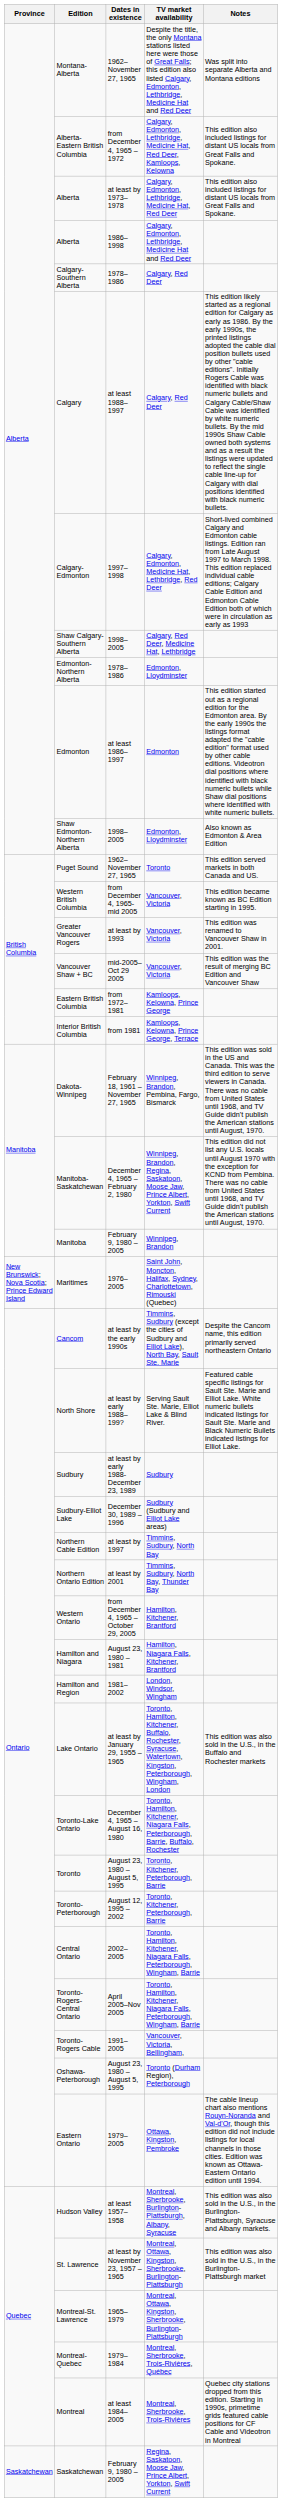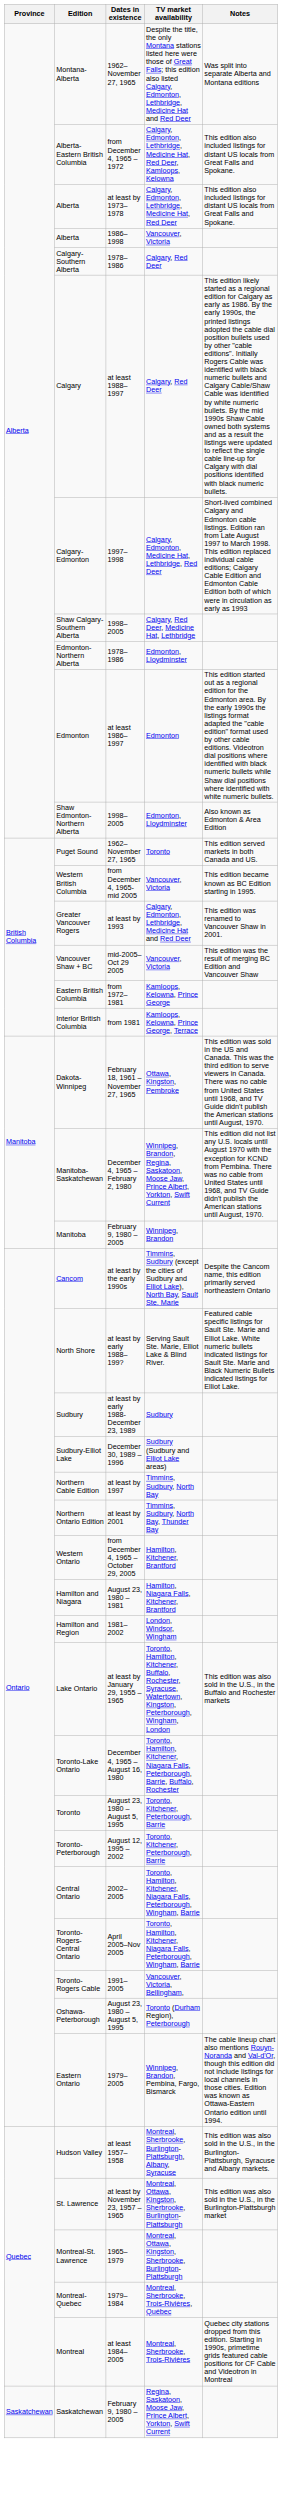 <table class="wikitable sortable">
 <tr>
 <th>Province</th>
 <th>Edition</th>
 <th>Dates in existence</th>
 <th>TV market availability</th>
 <th>Notes</th>
 </tr>
 <tr>
 <td rowspan=11><a href='#'>Alberta</a></td>
 <td>Montana-Alberta</td>
 <td>1962–November 27, 1965</td>
 <td>Despite the title, the only <a href='#'>Montana</a> stations listed here were those of <a href='#'>Great Falls</a>; this edition also listed <a href='#'>Calgary</a>, <a href='#'>Edmonton</a>, <a href='#'>Lethbridge</a>, <a href='#'>Medicine Hat</a> and <a href='#'>Red Deer</a></td>
 <td>Was split into separate Alberta and Montana editions</td>
 </tr>
 <tr>
 <td>Alberta-Eastern British Columbia</td>
 <td data-sort-value="1965">from December 4, 1965 – 1972</td>
 <td><a href='#'>Calgary</a>, <a href='#'>Edmonton</a>, <a href='#'>Lethbridge</a>, <a href='#'>Medicine Hat</a>, <a href='#'>Red Deer</a>, <a href='#'>Kamloops</a>, <a href='#'>Kelowna</a></td>
 <td>This edition also included listings for distant US locals from Great Falls and Spokane.</td>
 </tr>
 <tr>
 <td>Alberta</td>
 <td data-sort-value="1973">at least by 1973–1978</td>
 <td><a href='#'>Calgary</a>, <a href='#'>Edmonton</a>, <a href='#'>Lethbridge</a>, <a href='#'>Medicine Hat</a>, <a href='#'>Red Deer</a></td>
 <td>This edition also included listings for distant US locals from Great Falls and Spokane.</td>
 </tr>
 <tr>
 <td>Alberta</td>
 <td>1986–1998</td>
-<td><a href='#'>Calgary</a>, <a href='#'>Edmonton</a>, <a href='#'>Lethbridge</a>, <a href='#'>Medicine Hat</a> and <a href='#'>Red Deer</a></td>
+<td><a href='#'>Vancouver</a>, <a href='#'>Victoria</a></td>
 <td></td>
 </tr>
 <tr>
 <td>Calgary-Southern Alberta</td>
 <td>1978–1986</td>
 <td><a href='#'>Calgary</a>, <a href='#'>Red Deer</a></td>
 <td></td>
 </tr>
 <tr>
 <td>Calgary</td>
 <td data-sort-value="1988">at least 1988–1997</td>
 <td><a href='#'>Calgary</a>, <a href='#'>Red Deer</a></td>
 <td>This edition likely started as a regional edition for Calgary as early as 1986.  By the early 1990s, the printed listings adopted the cable dial position bullets used by other "cable editions".  Initially Rogers Cable was identified with black numeric bullets and Calgary Cable/Shaw Cable was identified by white numeric bullets.  By the mid 1990s Shaw Cable owned both systems and as a result the listings were updated to reflect the single cable line-up for Calgary with dial positions identified with black numeric bullets.</td>
 </tr>
 <tr>
 <td>Calgary-Edmonton</td>
 <td>1997–1998</td>
 <td><a href='#'>Calgary</a>, <a href='#'>Edmonton</a>, <a href='#'>Medicine Hat</a>, <a href='#'>Lethbridge</a>, <a href='#'>Red Deer</a></td>
 <td>Short-lived combined Calgary and Edmonton cable listings.  Edition ran from Late August 1997 to March 1998.  This edition replaced individual cable editions; Calgary Cable Edition and Edmonton Cable Edition both of which were in circulation as early as 1993</td>
 </tr>
 <tr>
 <td>Shaw Calgary-Southern Alberta</td>
 <td>1998–2005</td>
 <td><a href='#'>Calgary</a>, <a href='#'>Red Deer</a>, <a href='#'>Medicine Hat</a>, <a href='#'>Lethbridge</a></td>
 <td></td>
 </tr>
 <tr>
 <td>Edmonton-Northern Alberta</td>
 <td>1978–1986</td>
 <td><a href='#'>Edmonton</a>, <a href='#'>Lloydminster</a></td>
 <td></td>
 </tr>
 <tr>
 <td>Edmonton</td>
 <td data-sort-value="1986">at least 1986–1997</td>
 <td><a href='#'>Edmonton</a></td>
 <td>This edition started out as a regional edition for the Edmonton area.  By the early 1990s the listings format adapted the "cable edition" format used by other cable editions.  Videotron dial positions where identified with black numeric bullets while Shaw dial positions where identified with white numeric bullets.</td>
 </tr>
 <tr>
 <td>Shaw Edmonton-Northern Alberta</td>
 <td>1998–2005</td>
 <td><a href='#'>Edmonton</a>, <a href='#'>Lloydminster</a></td>
 <td>Also known as Edmonton & Area Edition</td>
 </tr>
 <tr>
 <td rowspan=6><a href='#'>British Columbia</a></td>
 <td>Puget Sound</td>
 <td>1962–November 27, 1965</td>
 <td><a href='#'>Toronto</a></td>
 <td>This edition served markets in both Canada and US.</td>
 </tr>
 <tr>
 <td>Western British Columbia</td>
 <td data-sort-value="1965">from December 4, 1965-mid 2005</td>
 <td><a href='#'>Vancouver</a>, <a href='#'>Victoria</a></td>
 <td>This edition became known as BC Edition starting in 1995.</td>
 </tr>
 <tr>
 <td>Greater Vancouver Rogers</td>
 <td data-sort-value="1993">at least by 1993</td>
-<td><a href='#'>Vancouver</a>, <a href='#'>Victoria</a></td>
+<td><a href='#'>Calgary</a>, <a href='#'>Edmonton</a>, <a href='#'>Lethbridge</a>, <a href='#'>Medicine Hat</a> and <a href='#'>Red Deer</a></td>
 <td>This edition was renamed to Vancouver Shaw in 2001.</td>
 </tr>
 <tr>
 <td>Vancouver Shaw + BC</td>
 <td data-sort-value="2005">mid-2005–Oct 29 2005</td>
 <td><a href='#'>Vancouver</a>, <a href='#'>Victoria</a></td>
 <td>This edition was the result of merging BC Edition and Vancouver Shaw</td>
 </tr>
 <tr>
 <td>Eastern British Columbia</td>
 <td data-sort-value="1972">from 1972–1981</td>
 <td><a href='#'>Kamloops</a>, <a href='#'>Kelowna</a>, <a href='#'>Prince George</a></td>
 </tr>
 <tr>
 <td>Interior British Columbia</td>
 <td data-sort-value="1981">from 1981</td>
 <td><a href='#'>Kamloops</a>, <a href='#'>Kelowna</a>, <a href='#'>Prince George</a>, <a href='#'>Terrace</a></td>
 <td></td>
 </tr>
 <tr>
 <td rowspan=3><a href='#'>Manitoba</a></td>
 <td>Dakota-Winnipeg</td>
 <td data-sort-value="1961">February 18, 1961 – November 27, 1965</td>
-<td><a href='#'>Winnipeg</a>, <a href='#'>Brandon</a>, Pembina, Fargo, Bismarck</td>
+<td><a href='#'>Ottawa</a>, <a href='#'>Kingston</a>, <a href='#'>Pembroke</a></td>
 <td>This edition was sold in the US and Canada.  This was the third edition to serve viewers in Canada. There was no cable from United States until 1968, and TV Guide didn't publish the American stations until August, 1970.</td>
 </tr>
 <tr>
 <td>Manitoba-Saskatchewan</td>
 <td data-sort-value="1965">December 4, 1965 – February 2, 1980</td>
 <td><a href='#'>Winnipeg</a>, <a href='#'>Brandon</a>, <a href='#'>Regina</a>, <a href='#'>Saskatoon</a>, <a href='#'>Moose Jaw</a>, <a href='#'>Prince Albert</a>, <a href='#'>Yorkton</a>, <a href='#'>Swift Current</a></td>
 <td>This edition did not list any U.S. locals until August 1970 with the exception for KCND from Pembina.  There was no cable from United States until 1968, and TV Guide didn't publish the American stations until August, 1970.</td>
 </tr>
 <tr>
 <td>Manitoba</td>
 <td data-sort-value="1980">February 9, 1980 – 2005</td>
 <td><a href='#'>Winnipeg</a>, <a href='#'>Brandon</a></td>
-<td></td>
-</tr>
-<tr>
-<td><a href='#'>New Brunswick</a>;<br><a href='#'>Nova Scotia</a>;<br><a href='#'>Prince Edward Island</a></td>
-<td>Maritimes</td>
-<td>1976–2005</td>
-<td><a href='#'>Saint John</a>, <a href='#'>Moncton</a>, <a href='#'>Halifax</a>, <a href='#'>Sydney</a>, <a href='#'>Charlottetown</a>, <a href='#'>Rimouski</a> (Quebec)</td>
 <td></td>
 </tr>
 <tr>
 <td rowspan=18><a href='#'>Ontario</a></td>
 <td><a href='#'>Cancom</a></td>
 <td data-sort-value="1990">at least by the early 1990s</td>
 <td><a href='#'>Timmins</a>, <a href='#'>Sudbury</a> (except the cities of Sudbury and <a href='#'>Elliot Lake</a>), <a href='#'>North Bay</a>, <a href='#'>Sault Ste. Marie</a></td>
 <td>Despite the Cancom name, this edition primarily served northeastern Ontario</td>
 </tr>
 <tr>
 <td>North Shore</td>
 <td data-sort-value="1988">at least by early 1988–199?</td>
 <td>Serving Sault Ste. Marie, Elliot Lake & Blind River.</td>
 <td>Featured cable specific listings for Sault Ste. Marie and Elliot Lake.  White numeric bullets indicated listings for Sault Ste. Marie and Black Numeric Bullets indicated listings for Elliot Lake.</td>
 </tr>
 <tr>
 <td>Sudbury</td>
 <td data-sort-value="1988">at least by early 1988-December 23, 1989</td>
 <td><a href='#'>Sudbury</a></td>
 <td></td>
 </tr>
 <tr>
 <td>Sudbury-Elliot Lake</td>
 <td data-sort-value="1989">December 30, 1989 – 1996</td>
 <td><a href='#'>Sudbury</a> (Sudbury and <a href='#'>Elliot Lake</a> areas)</td>
 <td></td>
 </tr>
 <tr>
 <td>Northern Cable Edition</td>
 <td data-sort-value="1997">at least by 1997</td>
 <td><a href='#'>Timmins</a>, <a href='#'>Sudbury</a>, <a href='#'>North Bay</a></td>
 <td></td>
 </tr>
 <tr>
 <td>Northern Ontario Edition</td>
 <td data-sort-value="2001">at least by 2001</td>
 <td><a href='#'>Timmins</a>, <a href='#'>Sudbury</a>, <a href='#'>North Bay</a>, <a href='#'>Thunder Bay</a></td>
 <td></td>
 </tr>
 <tr>
 <td>Western Ontario</td>
 <td data-sort-value="1965">from December 4, 1965 – October 29, 2005</td>
 <td><a href='#'>Hamilton</a>, <a href='#'>Kitchener</a>, <a href='#'>Brantford</a></td>
 <td></td>
 </tr>
 <tr>
 <td>Hamilton and Niagara</td>
 <td data-sort-value="1980">August 23, 1980 – 1981</td>
 <td><a href='#'>Hamilton</a>, <a href='#'>Niagara Falls</a>, <a href='#'>Kitchener</a>, <a href='#'>Brantford</a></td>
 <td></td>
 </tr>
 <tr>
 <td>Hamilton and Region</td>
 <td>1981–2002</td>
 <td><a href='#'>London</a>, <a href='#'>Windsor</a>, <a href='#'>Wingham</a></td>
 <td></td>
 </tr>
 <tr>
 <td>Lake Ontario</td>
 <td data-sort-value="1955">at least by January 29, 1955 – 1965</td>
 <td><a href='#'>Toronto</a>, <a href='#'>Hamilton</a>, <a href='#'>Kitchener</a>, <a href='#'>Buffalo</a>, <a href='#'>Rochester</a>, <a href='#'>Syracuse</a>, <a href='#'>Watertown</a>, <a href='#'>Kingston</a>, <a href='#'>Peterborough</a>, <a href='#'>Wingham</a>, <a href='#'>London</a></td>
 <td>This edition was also sold in the U.S., in the Buffalo and Rochester markets</td>
 </tr>
 <tr>
 <td>Toronto-Lake Ontario</td>
 <td data-sort-value="1965">December 4, 1965 – August 16, 1980</td>
 <td><a href='#'>Toronto</a>, <a href='#'>Hamilton</a>, <a href='#'>Kitchener</a>, <a href='#'>Niagara Falls</a>, <a href='#'>Peterborough</a>, <a href='#'>Barrie</a>, <a href='#'>Buffalo</a>, <a href='#'>Rochester</a></td>
 <td></td>
 </tr>
 <tr>
 <td>Toronto</td>
 <td data-sort-value="1980">August 23, 1980 – August 5, 1995</td>
 <td><a href='#'>Toronto</a>, <a href='#'>Kitchener</a>, <a href='#'>Peterborough</a>, <a href='#'>Barrie</a></td>
 <td></td>
 </tr>
 <tr>
 <td>Toronto-Peterborough</td>
 <td data-sort-value="1995">August 12, 1995 – 2002</td>
 <td><a href='#'>Toronto</a>, <a href='#'>Kitchener</a>, <a href='#'>Peterborough</a>, <a href='#'>Barrie</a></td>
 <td></td>
 </tr>
 <tr>
 <td>Central Ontario</td>
 <td>2002–2005</td>
 <td><a href='#'>Toronto</a>, <a href='#'>Hamilton</a>, <a href='#'>Kitchener</a>, <a href='#'>Niagara Falls</a>, <a href='#'>Peterborough</a>, <a href='#'>Wingham</a>, <a href='#'>Barrie</a></td>
 <td></td>
 </tr>
 <tr>
 <td>Toronto-Rogers-Central Ontario</td>
 <td data-sort-value="2005">April 2005–Nov 2005</td>
 <td><a href='#'>Toronto</a>, <a href='#'>Hamilton</a>, <a href='#'>Kitchener</a>, <a href='#'>Niagara Falls</a>, <a href='#'>Peterborough</a>, <a href='#'>Wingham</a>, <a href='#'>Barrie</a></td>
 <td></td>
 </tr>
 <tr>
 <td>Toronto-Rogers Cable</td>
 <td>1991–2005</td>
 <td><a href='#'>Vancouver</a>, <a href='#'>Victoria</a>, <a href='#'>Bellingham</a>,</td>
 <td></td>
 </tr>
 <tr>
 <td>Oshawa-Peterborough</td>
 <td data-sort-value="1980">August 23, 1980 – August 5, 1995</td>
 <td><a href='#'>Toronto</a> (<a href='#'>Durham</a> Region), <a href='#'>Peterborough</a></td>
 <td></td>
 </tr>
 <tr>
 <td>Eastern Ontario</td>
 <td>1979–2005</td>
-<td><a href='#'>Ottawa</a>, <a href='#'>Kingston</a>, <a href='#'>Pembroke</a></td>
+<td><a href='#'>Winnipeg</a>, <a href='#'>Brandon</a>, Pembina, Fargo, Bismarck</td>
 <td>The cable lineup chart also mentions <a href='#'>Rouyn-Noranda</a> and <a href='#'>Val-d'Or</a>, though this edition did not include listings for local channels in those cities.  Edition was known as Ottawa-Eastern Ontario edition until 1994.</td>
 </tr>
 <tr>
 <td rowspan=5><a href='#'>Quebec</a></td>
 <td>Hudson Valley</td>
 <td data-sort-value="1957">at least 1957–1958</td>
 <td><a href='#'>Montreal</a>, <a href='#'>Sherbrooke</a>, <a href='#'>Burlington</a>-<a href='#'>Plattsburgh</a>, <a href='#'>Albany</a>, <a href='#'>Syracuse</a></td>
 <td>This edition was also sold in the U.S., in the Burlington-Plattsburgh, Syracuse and Albany markets.</td>
 </tr>
 <tr>
 <td>St. Lawrence</td>
 <td data-sort-value="1958">at least by November 23, 1957 – 1965</td>
 <td><a href='#'>Montreal</a>, <a href='#'>Ottawa</a>, <a href='#'>Kingston</a>, <a href='#'>Sherbrooke</a>, <a href='#'>Burlington</a>-<a href='#'>Plattsburgh</a></td>
 <td>This edition was also sold in the U.S., in the Burlington-Plattsburgh market</td>
 </tr>
 <tr>
 <td>Montreal-St. Lawrence</td>
 <td>1965–1979</td>
 <td><a href='#'>Montreal</a>, <a href='#'>Ottawa</a>, <a href='#'>Kingston</a>, <a href='#'>Sherbrooke</a>, <a href='#'>Burlington</a>-<a href='#'>Plattsburgh</a></td>
 <td></td>
 </tr>
 <tr>
 <td>Montreal-Quebec</td>
 <td>1979–1984</td>
 <td><a href='#'>Montreal</a>, <a href='#'>Sherbrooke</a>, <a href='#'>Trois-Rivières</a>, <a href='#'>Québec</a></td>
 <td></td>
 </tr>
 <tr>
 <td>Montreal</td>
 <td data-sort-value="1984">at least 1984–2005</td>
 <td><a href='#'>Montreal</a>, <a href='#'>Sherbrooke</a>, <a href='#'>Trois-Rivières</a></td>
 <td>Quebec city stations dropped from this edition. Starting in 1990s, primetime grids featured cable positions for CF Cable and Videotron in Montreal</td>
 </tr>
 <tr>
 <td><a href='#'>Saskatchewan</a></td>
 <td>Saskatchewan</td>
 <td data-sort-value="1980">February 9, 1980 – 2005</td>
 <td><a href='#'>Regina</a>, <a href='#'>Saskatoon</a>, <a href='#'>Moose Jaw</a>, <a href='#'>Prince Albert</a>, <a href='#'>Yorkton</a>, <a href='#'>Swift Current</a></td>
 <td></td>
 </tr>
 </table>
